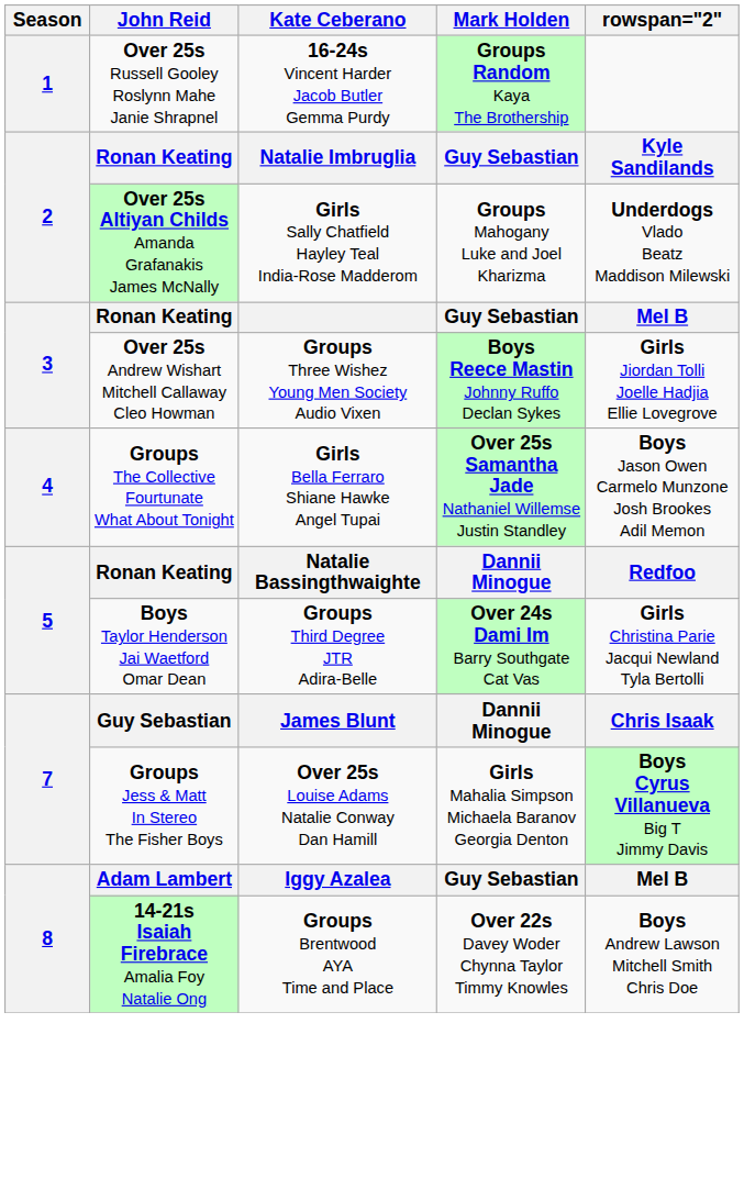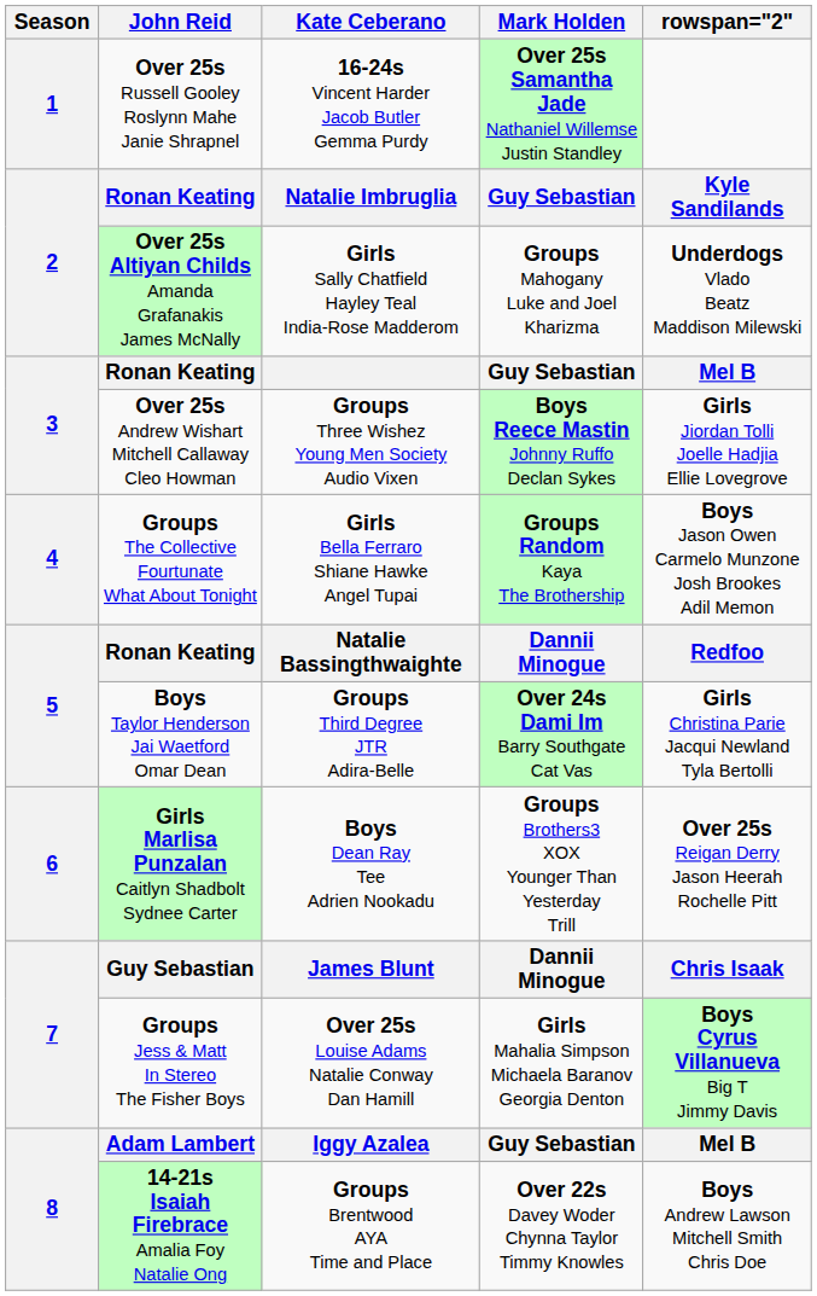 <table class="wikitable" style="text-align:center">
 <tr>
 <th style="width:5%;"  scope="col">Season</th>
 <th style="width:17%;" scope="col"><a href='#'>John Reid</a></th>
 <th style="width:17%;" scope="col"><a href='#'>Kate Ceberano</a></th>
 <th style="width:17%;" scope="col"><a href='#'>Mark Holden</a></th>
 <th>rowspan="2" </th>
 </tr>
 <tr>
 <th scope="row"><a href='#'>1</a></th>
 <td><strong>Over 25s</strong><br><small>Russell Gooley<br>Roslynn Mahe<br>Janie Shrapnel</small></td>
 <td><strong>16-24s</strong><br><small>Vincent Harder<br><a href='#'>Jacob Butler</a><br>Gemma Purdy</small></td>
-<td style="background:#BFFFC0;"><strong>Groups</strong><br><strong><a href='#'>Random</a></strong><br><small>Kaya<br><a href='#'>The Brothership</a></small></td>
+<td style="background:#BFFFC0;"><strong>Over 25s</strong><br><strong><a href='#'>Samantha Jade</a></strong><br><small><a href='#'>Nathaniel Willemse</a><br>Justin Standley</small></td>
 </tr>
 <tr>
 <th rowspan=2 scope="row"><a href='#'>2</a></th>
 <th scope="col"><a href='#'>Ronan Keating</a></th>
 <th scope="col"><a href='#'>Natalie Imbruglia</a></th>
 <th scope="col"><a href='#'>Guy Sebastian</a></th>
 <th scope="col" style="width:17%;"><a href='#'>Kyle Sandilands</a></th>
 </tr>
 <tr>
 <td style="background:#BFFFC0;"><strong>Over 25s</strong><br><strong><a href='#'>Altiyan Childs</a></strong><br><small>Amanda Grafanakis<br>James McNally</small></td>
 <td><strong>Girls</strong><br><small>Sally Chatfield<br>Hayley Teal<br>India-Rose Madderom</small></td>
 <td><strong>Groups</strong><br><small>Mahogany<br>Luke and Joel<br>Kharizma</small></td>
 <td><strong>Underdogs</strong><br><small>Vlado<br>Beatz<br>Maddison Milewski<br></small></td>
 </tr>
 <tr>
 <th rowspan=2 scope="row"><a href='#'>3</a></th>
 <th scope="col">Ronan Keating</th>
 <th scope="col"></th>
 <th scope="col">Guy Sebastian</th>
 <th scope="col"><a href='#'>Mel B</a></th>
 </tr>
 <tr>
 <td><strong>Over 25s</strong><br><small>Andrew Wishart<br>Mitchell Callaway<br>Cleo Howman</small></td>
 <td><strong>Groups</strong><br><small>Three Wishez<br><a href='#'>Young Men Society</a><br>Audio Vixen</small></td>
 <td style="background:#BFFFC0;"><strong>Boys</strong><br><strong><a href='#'>Reece Mastin</a></strong><br><small><a href='#'>Johnny Ruffo</a> <br>Declan Sykes</small></td>
 <td><strong>Girls</strong><br><small><a href='#'>Jiordan Tolli</a><br><a href='#'>Joelle Hadjia</a><br>Ellie Lovegrove</small></td>
 </tr>
 <tr>
 <th scope="row"><a href='#'>4</a></th>
 <td><strong>Groups</strong><br><small><a href='#'>The Collective</a><br><a href='#'>Fourtunate</a><br><a href='#'>What About Tonight</a></small></td>
 <td><strong>Girls</strong><br><small><a href='#'>Bella Ferraro</a><br>Shiane Hawke<br>Angel Tupai</small></td>
-<td style="background:#BFFFC0;"><strong>Over 25s</strong><br><strong><a href='#'>Samantha Jade</a></strong><br><small><a href='#'>Nathaniel Willemse</a><br>Justin Standley</small></td>
+<td style="background:#BFFFC0;"><strong>Groups</strong><br><strong><a href='#'>Random</a></strong><br><small>Kaya<br><a href='#'>The Brothership</a></small></td>
 <td><strong>Boys</strong><br><small>Jason Owen<br>Carmelo Munzone<br>Josh Brookes<br>Adil Memon</small></td>
 </tr>
 <tr>
 <th rowspan=2 scope="row"><a href='#'>5</a></th>
 <th scope="col">Ronan Keating</th>
 <th scope="col">Natalie Bassingthwaighte</th>
 <th scope="col"><a href='#'>Dannii Minogue</a></th>
 <th scope="col"><a href='#'>Redfoo</a></th>
 </tr>
 <tr>
 <td><strong>Boys</strong><br><small><a href='#'>Taylor Henderson</a><br><a href='#'>Jai Waetford</a><br>Omar Dean</small></td>
 <td><strong>Groups</strong><br><small><a href='#'>Third Degree</a><br><a href='#'>JTR</a><br>Adira-Belle</small></td>
 <td style="background:#BFFFC0;"><strong>Over 24s</strong><br><strong><a href='#'>Dami Im</a></strong><br><small>Barry Southgate<br>Cat Vas</small></td>
 <td><strong>Girls</strong><br><small><a href='#'>Christina Parie</a><br>Jacqui Newland<br>Tyla Bertolli</small></td>
+</tr>
+<tr>
+<th scope="row"><a href='#'>6</a></th>
+<td style="background:#BFFFC0;"><strong>Girls</strong><br><strong><a href='#'>Marlisa Punzalan</a></strong><br><small>Caitlyn Shadbolt<br>Sydnee Carter</small></td>
+<td><strong>Boys</strong><br><small><a href='#'>Dean Ray</a><br>Tee<br>Adrien Nookadu</small></td>
+<td><strong>Groups</strong><br><small><a href='#'>Brothers3</a><br>XOX<br>Younger Than Yesterday<br>Trill</small></td>
+<td><strong>Over 25s</strong><br><small><a href='#'>Reigan Derry</a><br>Jason Heerah<br>Rochelle Pitt</small></td>
 </tr>
 <tr>
 <th rowspan=2 scope="row"><a href='#'>7</a></th>
 <th scope="col">Guy Sebastian</th>
 <th scope="col"><a href='#'>James Blunt</a></th>
 <th scope="col">Dannii Minogue</th>
 <th scope="col"><a href='#'>Chris Isaak</a></th>
 </tr>
 <tr>
 <td><strong>Groups</strong><br><small><a href='#'>Jess & Matt</a><br><a href='#'>In Stereo</a><br>The Fisher Boys</small></td>
 <td><strong>Over 25s</strong><br><small><a href='#'>Louise Adams</a><br>Natalie Conway<br>Dan Hamill</small></td>
 <td><strong>Girls</strong><br><small>Mahalia Simpson<br>Michaela Baranov<br>Georgia Denton</small></td>
 <td style="background:#BFFFC0;"><strong>Boys</strong><br><strong><a href='#'>Cyrus Villanueva</a></strong><br><small>Big T<br>Jimmy Davis</small></td>
 </tr>
 <tr>
 <th rowspan=2 scope="row"><a href='#'>8</a></th>
 <th scope="col"><a href='#'>Adam Lambert</a></th>
 <th scope="col"><a href='#'>Iggy Azalea</a></th>
 <th scope="col">Guy Sebastian</th>
 <th scope="col">Mel B</th>
 </tr>
 <tr>
 <td style="background:#BFFFC0;"><strong>14-21s</strong><br><strong><a href='#'>Isaiah Firebrace</a></strong><br><small>Amalia Foy<br><a href='#'>Natalie Ong</a></small></td>
 <td><strong>Groups</strong><br><small>Brentwood<br>AYA<br>Time and Place</small></td>
 <td><strong>Over 22s</strong><br><small>Davey Woder<br>Chynna Taylor<br>Timmy Knowles<br></small></td>
 <td><strong>Boys</strong><br><small>Andrew Lawson<br>Mitchell Smith<br>Chris Doe</small></td>
 </tr>
 </table>
